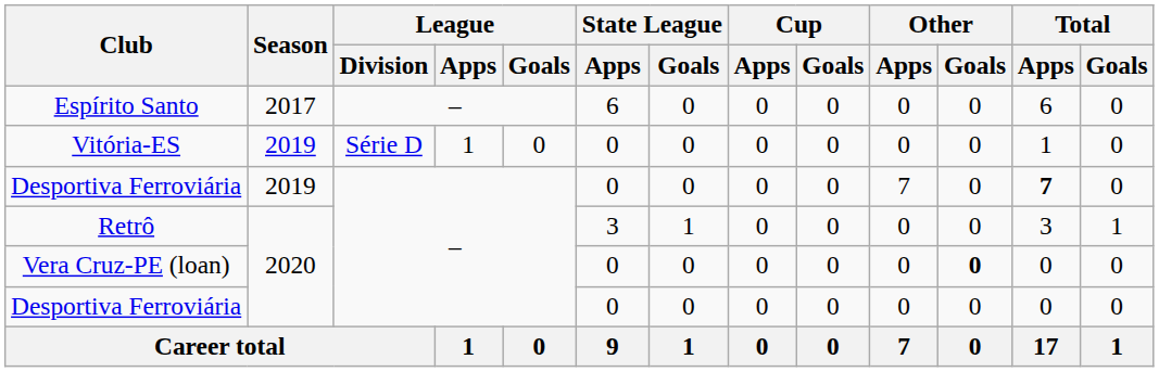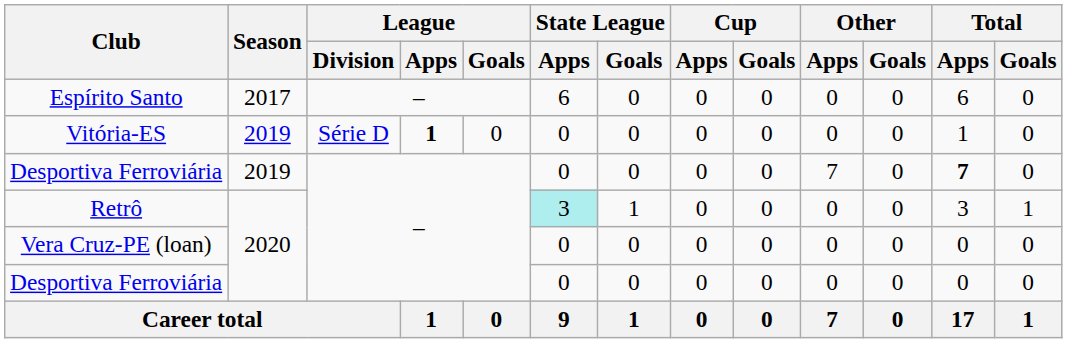 <table class="wikitable" style="text-align: center">
 <tr>
 <th rowspan="2">Club</th>
 <th rowspan="2">Season</th>
 <th colspan="3">League</th>
 <th colspan="2">State League</th>
 <th colspan="2">Cup</th>
 <th colspan="2">Other</th>
 <th colspan="2">Total</th>
 </tr>
 <tr>
 <th>Division</th>
 <th>Apps</th>
 <th>Goals</th>
 <th>Apps</th>
 <th>Goals</th>
 <th>Apps</th>
 <th>Goals</th>
 <th>Apps</th>
 <th>Goals</th>
 <th>Apps</th>
 <th>Goals</th>
 </tr>
 <tr>
 <td><a href='#'>Espírito Santo</a></td>
 <td>2017</td>
 <td colspan="3">–</td>
 <td>6</td>
 <td>0</td>
 <td>0</td>
 <td>0</td>
 <td>0</td>
 <td>0</td>
 <td>6</td>
 <td>0</td>
 </tr>
 <tr>
 <td><a href='#'>Vitória-ES</a></td>
 <td><a href='#'>2019</a></td>
 <td><a href='#'>Série D</a></td>
-<td>1</td>
+<td><strong>1</strong></td>
 <td>0</td>
 <td>0</td>
 <td>0</td>
 <td>0</td>
 <td>0</td>
 <td>0</td>
 <td>0</td>
 <td>1</td>
 <td>0</td>
 </tr>
 <tr>
 <td><a href='#'>Desportiva Ferroviária</a></td>
 <td>2019</td>
 <td colspan="3" rowspan="4">–</td>
 <td>0</td>
 <td>0</td>
 <td>0</td>
 <td>0</td>
 <td>7</td>
 <td>0</td>
 <td><strong>7</strong></td>
 <td>0</td>
 </tr>
 <tr>
 <td><a href='#'>Retrô</a></td>
 <td rowspan="3">2020</td>
-<td>3</td>
+<td style="background: paleturquoise;">3</td>
 <td>1</td>
 <td>0</td>
 <td>0</td>
 <td>0</td>
 <td>0</td>
 <td>3</td>
 <td>1</td>
 </tr>
 <tr>
 <td><a href='#'>Vera Cruz-PE</a> (loan)</td>
 <td>0</td>
 <td>0</td>
 <td>0</td>
 <td>0</td>
 <td>0</td>
-<td><strong>0</strong></td>
+<td>0</td>
 <td>0</td>
 <td>0</td>
 </tr>
 <tr>
 <td><a href='#'>Desportiva Ferroviária</a></td>
 <td>0</td>
 <td>0</td>
 <td>0</td>
 <td>0</td>
 <td>0</td>
 <td>0</td>
 <td>0</td>
 <td>0</td>
 </tr>
 <tr>
 <th colspan="3"><strong>Career total</strong></th>
 <th>1</th>
 <th>0</th>
 <th>9</th>
 <th>1</th>
 <th>0</th>
 <th>0</th>
 <th>7</th>
 <th>0</th>
 <th>17</th>
 <th>1</th>
 </tr>
 </table>
